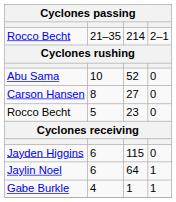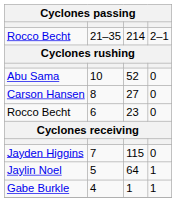 <table class="wikitable plainrowheaders">
 <tr>
 <th colspan="6">Cyclones passing</th>
 </tr>
 <tr>
 <th scope="col"></th>
 <th scope="col"></th>
 <th scope="col"></th>
 <th scope="col"></th>
 </tr>
 <tr>
 <td><a href='#'>Rocco Becht</a></td>
 <td>21–35</td>
 <td>214</td>
 <td>2–1</td>
 </tr>
 <tr>
 <th colspan="6">Cyclones rushing</th>
 </tr>
 <tr>
 <th scope="col"></th>
 <th scope="col"></th>
 <th scope="col"></th>
 <th scope="col"></th>
 </tr>
 <tr>
 <td><a href='#'>Abu Sama</a></td>
 <td>10</td>
 <td>52</td>
 <td>0</td>
 </tr>
 <tr>
 <td><a href='#'>Carson Hansen</a></td>
 <td>8</td>
 <td>27</td>
 <td>0</td>
 </tr>
 <tr>
 <td>Rocco Becht</td>
-<td>5</td>
+<td>6</td>
 <td>23</td>
 <td>0</td>
 </tr>
 <tr>
 <th colspan="6">Cyclones receiving</th>
 </tr>
 <tr>
 <th scope="col"></th>
 <th scope="col"></th>
 <th scope="col"></th>
 <th scope="col"></th>
 </tr>
 <tr>
 <td><a href='#'>Jayden Higgins</a></td>
-<td>6</td>
+<td>7</td>
 <td>115</td>
 <td>0</td>
 </tr>
 <tr>
 <td><a href='#'>Jaylin Noel</a></td>
-<td>6</td>
+<td>5</td>
 <td>64</td>
 <td>1</td>
 </tr>
 <tr>
 <td><a href='#'>Gabe Burkle</a></td>
 <td>4</td>
 <td>1</td>
 <td>1</td>
 </tr>
 <tr>
 </tr>
 </table>
